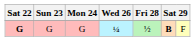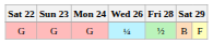 <table class="wikitable" style="margin:0.5em auto; font-size:90%; line-height:1.25em;">
 <tr align="center">
 <th>Sat 22</th>
 <th>Sun 23</th>
 <th>Mon 24</th>
 <th>Wed 26</th>
 <th>Fri 28</th>
 <th colspan="2">Sat 29</th>
 </tr>
 <tr>
 </tr>
 <tr align="center">
-<td bgcolor="#FFBBBB"><strong>G</strong></td>
+<td bgcolor="#FFBBBB">G</td>
 <td bgcolor="#FFBBBB">G</td>
 <td bgcolor="#FFBBBB">G</td>
 <td bgcolor="#BBF3FF">¼</td>
 <td bgcolor="#BBF3BB">½</td>
-<td bgcolor="#FEDCBA"><strong>B</strong></td>
+<td bgcolor="#FEDCBA">B</td>
 <td bgcolor="#FFFFBB">F</td>
 </tr>
 </table>
